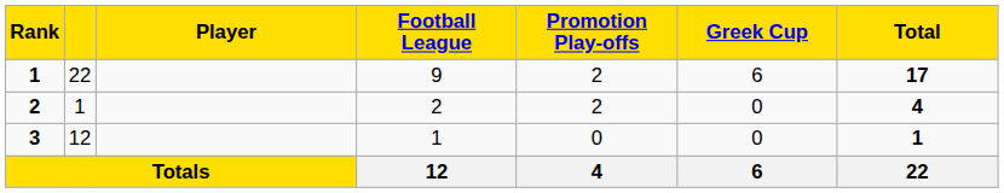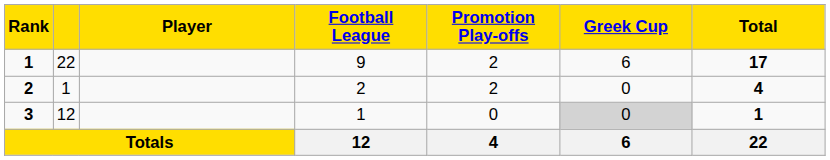 <table class="wikitable sortable" style="text-align:center">
 <tr>
 <th style="background:#FFDE00">Rank</th>
 <th style="background:#FFDE00"></th>
 <th width=200 style="background:#FFDE00">Player</th>
 <th width=120 style="background:#FFDE00"><a href='#'>Football League</a></th>
 <th width=120 style="background:#FFDE00"><a href='#'>Promotion Play-offs</a></th>
 <th width=120 style="background:#FFDE00"><a href='#'>Greek Cup</a></th>
 <th width=120 style="background:#FFDE00">Total</th>
 </tr>
 <tr>
 <td><strong>1</strong></td>
 <td>22</td>
 <td align=left></td>
 <td>9</td>
 <td>2</td>
 <td>6</td>
 <td><strong>17</strong></td>
 </tr>
 <tr>
 <td><strong>2</strong></td>
 <td>1</td>
 <td align=left></td>
 <td>2</td>
 <td>2</td>
 <td>0</td>
 <td><strong>4</strong></td>
 </tr>
 <tr>
 <td><strong>3</strong></td>
 <td>12</td>
 <td align=left></td>
 <td>1</td>
 <td>0</td>
-<td>0</td>
+<td style="background: lightgrey;">0</td>
 <td><strong>1</strong></td>
 </tr>
 <tr class="sortbottom">
 <th colspan=3 style="background:#FFDE00"><strong>Totals</strong></th>
 <th><strong>12</strong></th>
 <th><strong> 4</strong></th>
 <th><strong> 6</strong></th>
 <th><strong>22</strong></th>
 </tr>
 </table>
